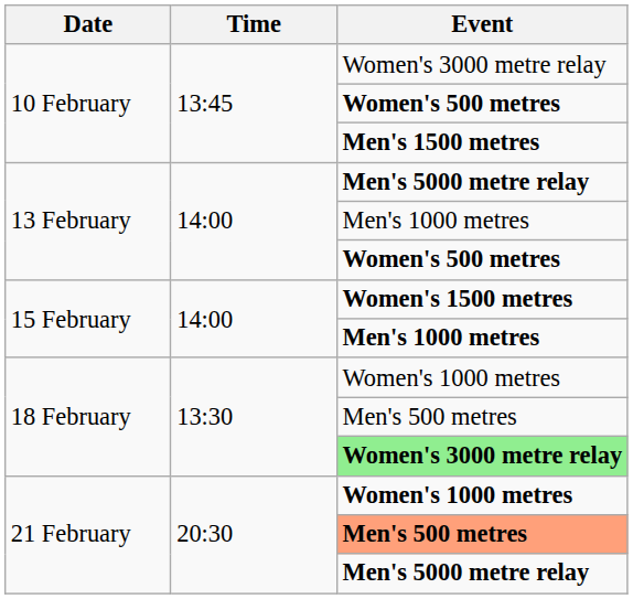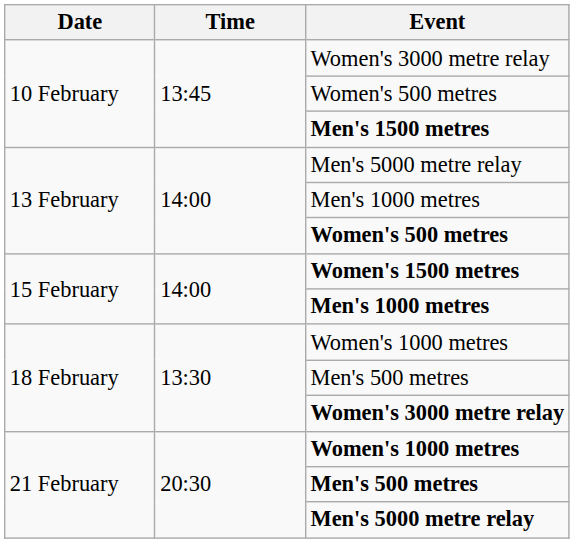 <table class=wikitable>
 <tr>
 <th width="100">Date</th>
 <th width="100">Time</th>
 <th>Event</th>
 </tr>
 <tr>
 <td rowspan=3>10 February</td>
 <td rowspan=3>13:45</td>
 <td>Women's 3000 metre relay</td>
 </tr>
 <tr>
-<td><strong>Women's 500 metres</strong></td>
+<td>Women's 500 metres</td>
 </tr>
 <tr>
 <td><strong>Men's 1500 metres</strong></td>
 </tr>
 <tr>
 <td rowspan=3>13 February</td>
 <td rowspan=3>14:00</td>
-<td><strong>Men's 5000 metre relay</strong></td>
+<td>Men's 5000 metre relay</td>
 </tr>
 <tr>
 <td>Men's 1000 metres</td>
 </tr>
 <tr>
 <td><strong>Women's 500 metres</strong></td>
 </tr>
 <tr>
 <td rowspan=2>15 February</td>
 <td rowspan=2>14:00</td>
 <td><strong>Women's 1500 metres</strong></td>
 </tr>
 <tr>
 <td><strong>Men's 1000 metres</strong></td>
 </tr>
 <tr>
 <td rowspan=3>18 February</td>
 <td rowspan=3>13:30</td>
 <td>Women's 1000 metres</td>
 </tr>
 <tr>
 <td>Men's 500 metres</td>
 </tr>
 <tr>
-<td style="background: lightgreen;"><strong>Women's 3000 metre relay</strong></td>
+<td><strong>Women's 3000 metre relay</strong></td>
 </tr>
 <tr>
 <td rowspan=3>21 February</td>
 <td rowspan=3>20:30</td>
 <td><strong>Women's 1000 metres</strong></td>
 </tr>
 <tr>
-<td style="background: lightsalmon;"><strong>Men's 500 metres</strong></td>
+<td><strong>Men's 500 metres</strong></td>
 </tr>
 <tr>
 <td><strong>Men's 5000 metre relay</strong></td>
 </tr>
 </table>
